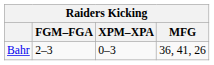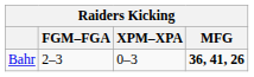 <table class="wikitable">
 <tr>
 <th colspan="4">Raiders Kicking</th>
 </tr>
 <tr>
 <th></th>
 <th>FGM–FGA</th>
 <th>XPM–XPA</th>
 <th>MFG</th>
 </tr>
 <tr>
 <td><a href='#'>Bahr</a></td>
 <td>2–3</td>
 <td>0–3</td>
-<td>36, 41, 26</td>
+<td><strong>36, 41, 26</strong></td>
 </tr>
 </table>
